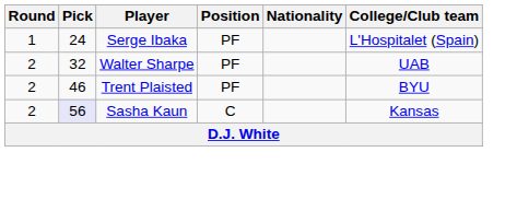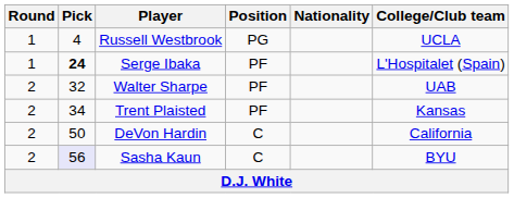 <table class="wikitable sortable sortable">
 <tr>
 <th>Round</th>
 <th>Pick</th>
 <th>Player</th>
 <th>Position</th>
 <th>Nationality</th>
 <th>College/Club team</th>
 </tr>
 <tr style="text-align: center">
 <td>1</td>
-<td>24</td>
+<td>4</td>
+<td><a href='#'>Russell Westbrook</a></td>
+<td>PG</td>
+<td></td>
+<td><a href='#'>UCLA</a></td>
+</tr>
+<tr style="text-align: center">
+<td>1</td>
+<td><strong>24</strong></td>
 <td><a href='#'>Serge Ibaka</a></td>
 <td>PF</td>
 <td><br></td>
 <td><a href='#'>L'Hospitalet</a> (<a href='#'>Spain</a>)</td>
 </tr>
 <tr style="text-align: center">
 <td>2</td>
 <td>32</td>
 <td><a href='#'>Walter Sharpe</a></td>
 <td>PF</td>
 <td></td>
 <td><a href='#'>UAB</a></td>
 </tr>
 <tr style="text-align: center">
 <td>2</td>
-<td>46</td>
+<td>34</td>
 <td><a href='#'>Trent Plaisted</a></td>
 <td>PF</td>
 <td></td>
-<td><a href='#'>BYU</a></td>
+<td><a href='#'>Kansas</a></td>
+</tr>
+<tr style="text-align: center">
+<td>2</td>
+<td>50</td>
+<td><a href='#'>DeVon Hardin</a></td>
+<td>C</td>
+<td></td>
+<td><a href='#'>California</a></td>
 </tr>
 <tr style="text-align: center">
 <td>2</td>
 <td style="background: lavender;">56</td>
 <td><a href='#'>Sasha Kaun</a></td>
 <td>C</td>
 <td></td>
-<td><a href='#'>Kansas</a></td>
+<td><a href='#'>BYU</a></td>
 </tr>
 <tr>
 <th scope="row" colspan="6" style="text-align:center;”"><a href='#'>D.J. White</a> </th>
 </tr>
 </table>
